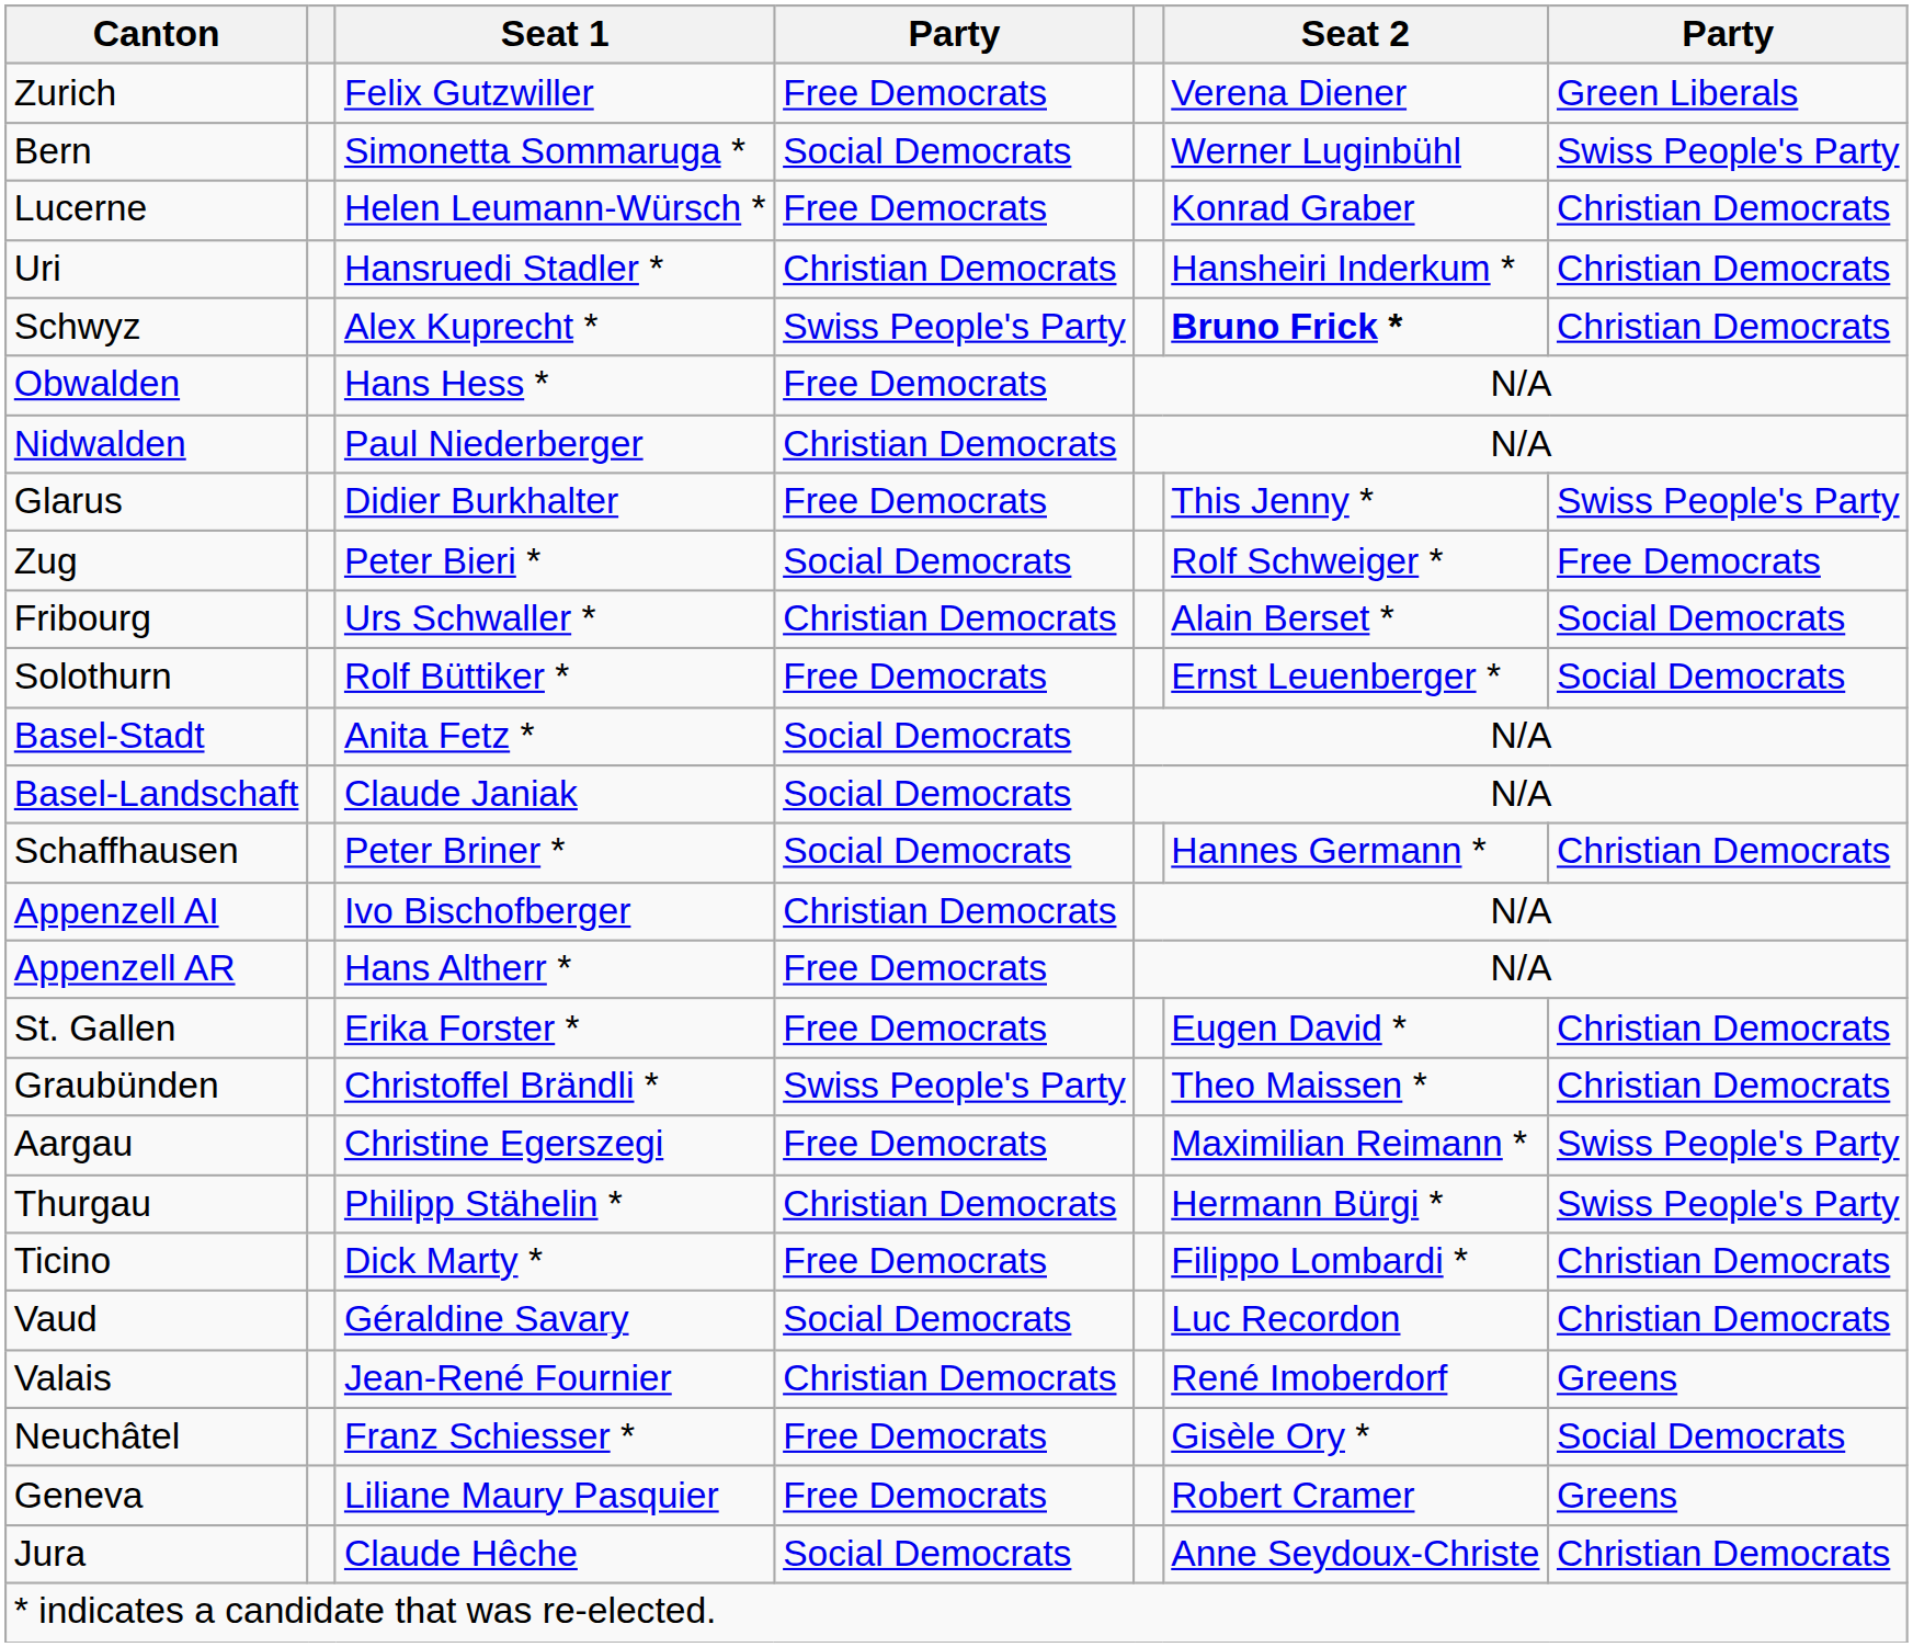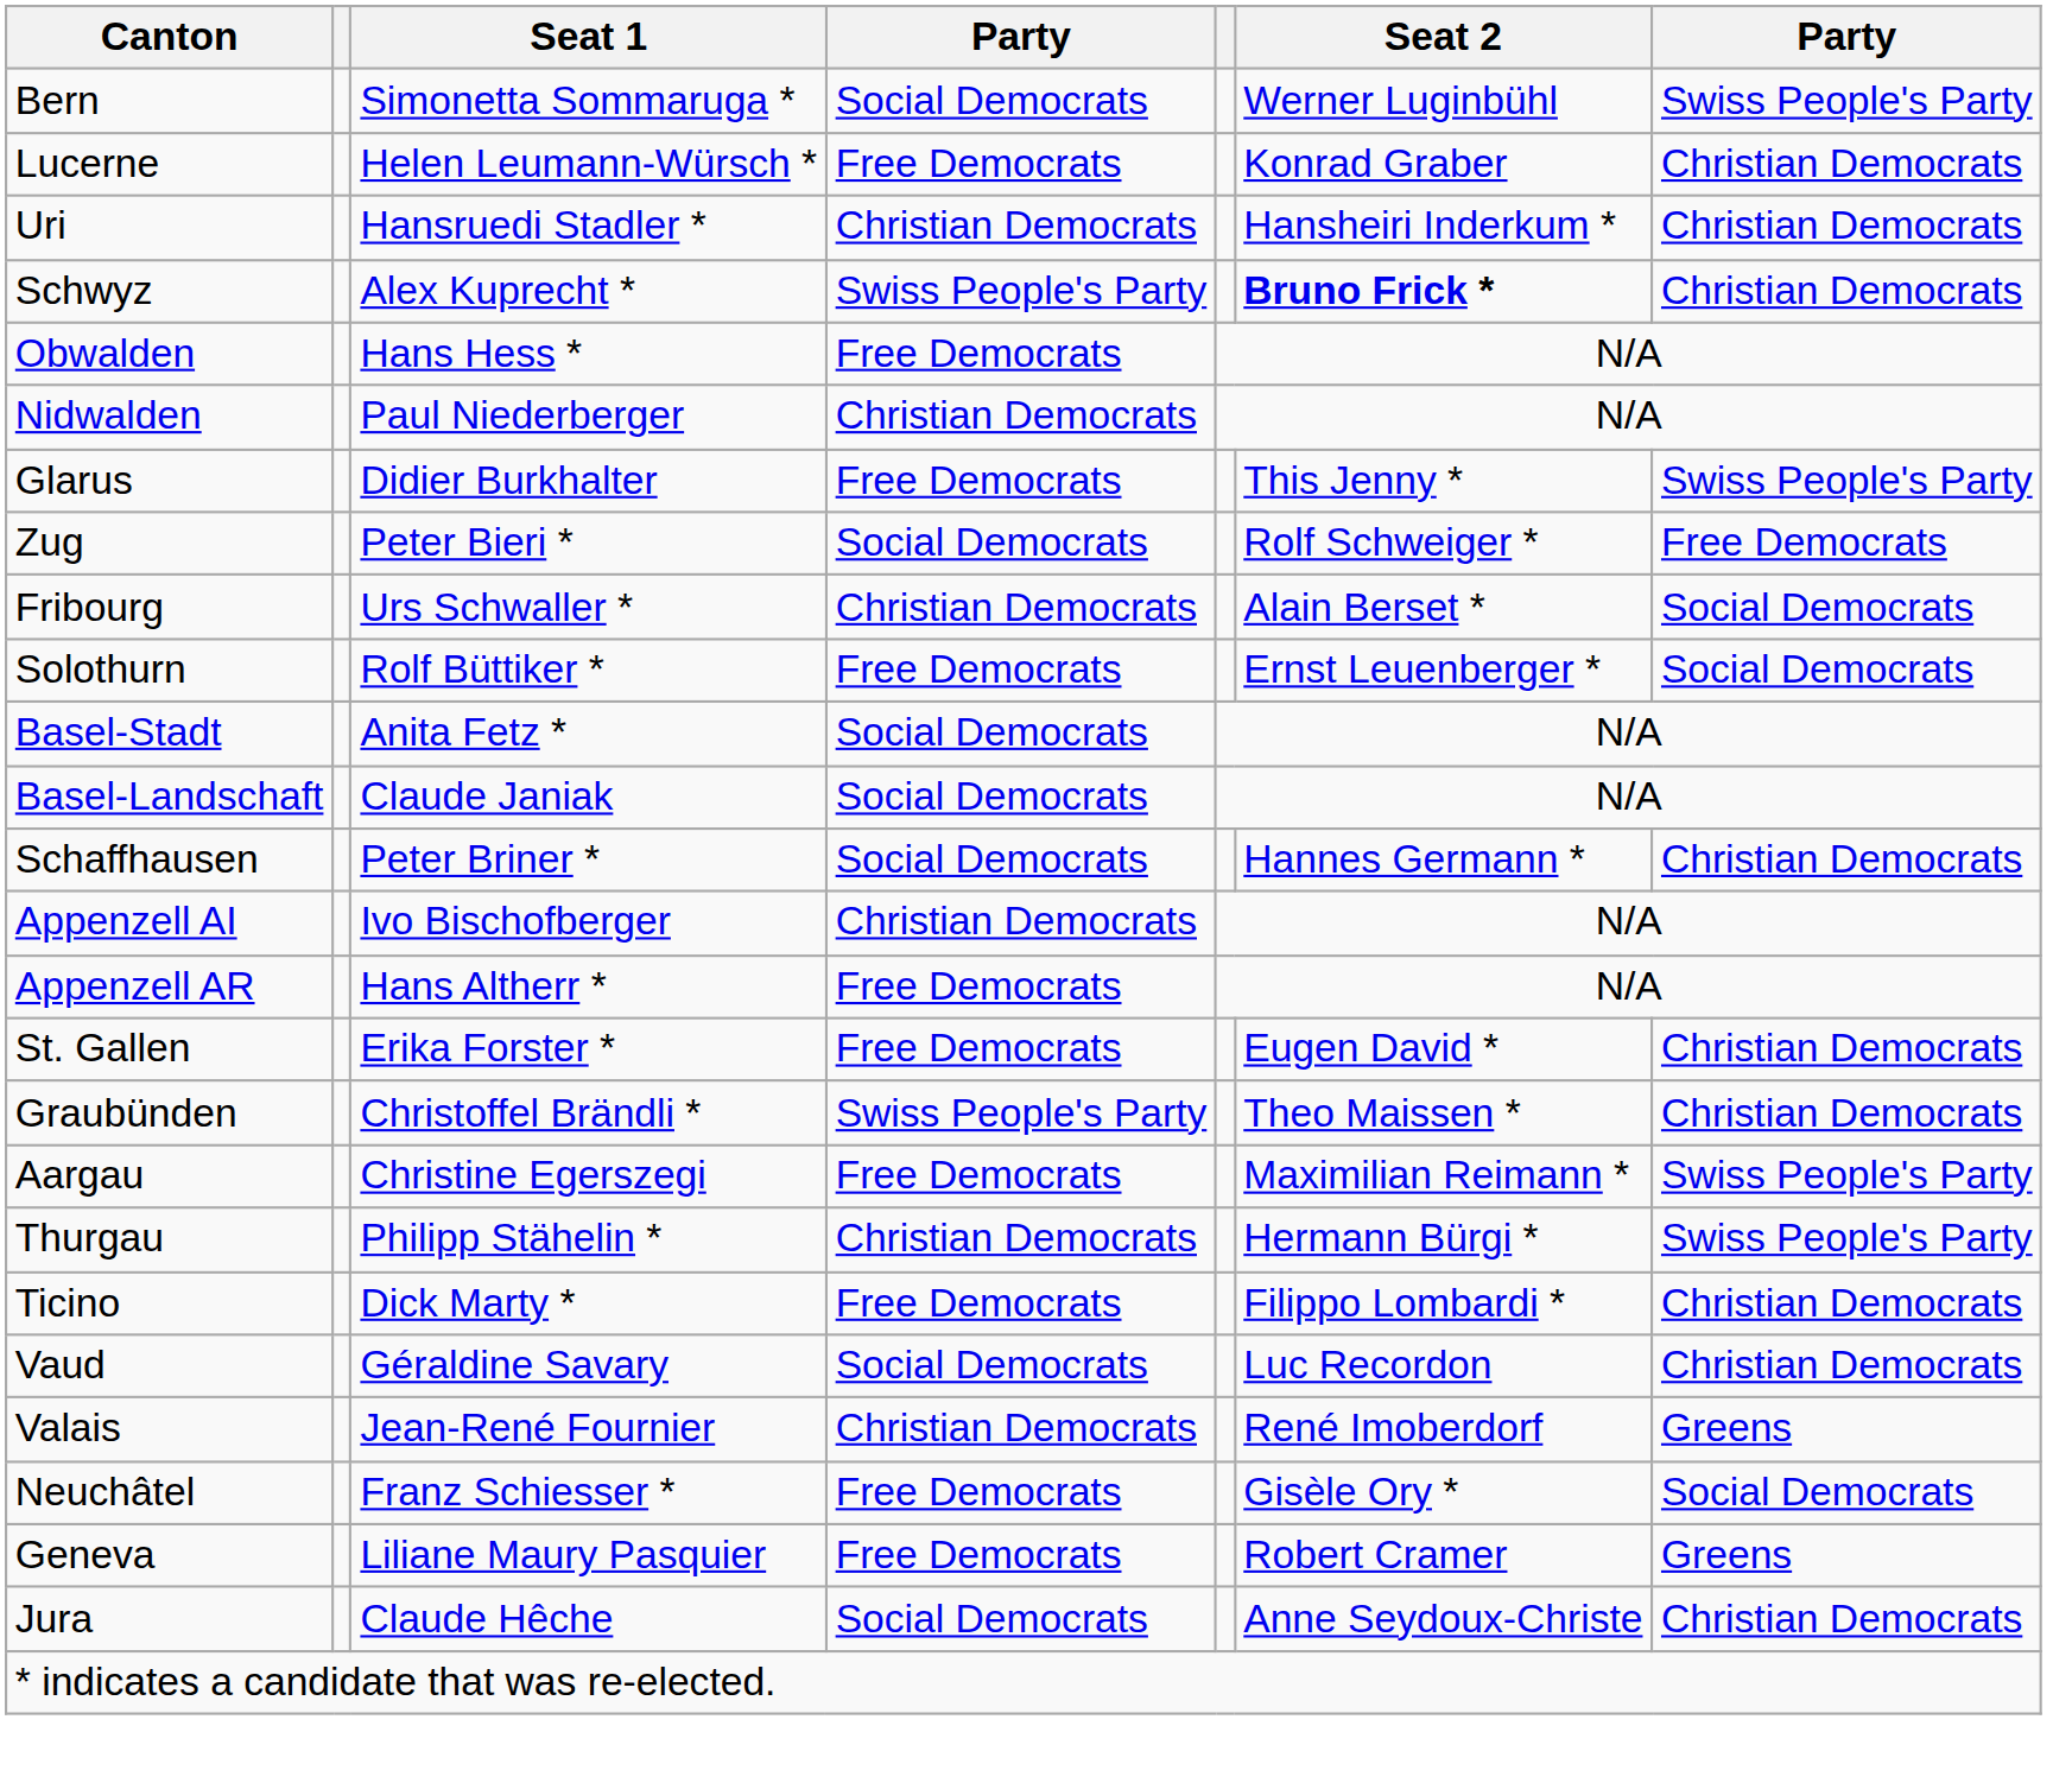 <table class="wikitable sortable">
 <tr>
 <th>Canton</th>
 <th class="unsortable"></th>
 <th>Seat 1</th>
 <th>Party</th>
 <th class="unsortable"></th>
 <th>Seat 2</th>
 <th>Party</th>
-</tr>
-<tr>
-<td>Zurich</td>
-<td width=5px style="color:inherit;background:"></td>
-<td><a href='#'>Felix Gutzwiller</a></td>
-<td><a href='#'>Free Democrats</a></td>
-<td width=5px style="color:inherit;background:"></td>
-<td><a href='#'>Verena Diener</a></td>
-<td><a href='#'>Green Liberals</a></td>
 </tr>
 <tr>
 <td>Bern</td>
 <td style="color:inherit;background:"></td>
 <td><a href='#'>Simonetta Sommaruga</a> *</td>
 <td><a href='#'>Social Democrats</a></td>
 <td style="color:inherit;background:"></td>
 <td><a href='#'>Werner Luginbühl</a></td>
 <td><a href='#'>Swiss People's Party</a></td>
 </tr>
 <tr>
 <td>Lucerne</td>
 <td style="color:inherit;background:"></td>
 <td><a href='#'>Helen Leumann-Würsch</a> *</td>
 <td><a href='#'>Free Democrats</a></td>
 <td style="color:inherit;background:"></td>
 <td><a href='#'>Konrad Graber</a></td>
 <td><a href='#'>Christian Democrats</a></td>
 </tr>
 <tr>
 <td>Uri</td>
 <td style="color:inherit;background:"></td>
 <td><a href='#'>Hansruedi Stadler</a> *</td>
 <td><a href='#'>Christian Democrats</a></td>
 <td style="color:inherit;background:"></td>
 <td><a href='#'>Hansheiri Inderkum</a> *</td>
 <td><a href='#'>Christian Democrats</a></td>
 </tr>
 <tr>
 <td>Schwyz</td>
 <td style="color:inherit;background:"></td>
 <td><a href='#'>Alex Kuprecht</a> *</td>
 <td><a href='#'>Swiss People's Party</a></td>
 <td style="color:inherit;background:"></td>
 <td><strong><a href='#'>Bruno Frick</a> *</strong></td>
 <td><a href='#'>Christian Democrats</a></td>
 </tr>
 <tr>
 <td><a href='#'>Obwalden</a></td>
 <td style="color:inherit;background:"></td>
 <td><a href='#'>Hans Hess</a> *</td>
 <td><a href='#'>Free Democrats</a></td>
 <td colspan=3 align=center>N/A</td>
 </tr>
 <tr>
 <td><a href='#'>Nidwalden</a></td>
 <td style="color:inherit;background:"></td>
 <td><a href='#'>Paul Niederberger</a></td>
 <td><a href='#'>Christian Democrats</a></td>
 <td colspan=3 align=center>N/A</td>
 </tr>
 <tr>
 <td>Glarus</td>
 <td style="color:inherit;background:"></td>
 <td><a href='#'>Didier Burkhalter</a></td>
 <td><a href='#'>Free Democrats</a></td>
 <td style="color:inherit;background:"></td>
 <td><a href='#'>This Jenny</a> *</td>
 <td><a href='#'>Swiss People's Party</a></td>
 </tr>
 <tr>
 <td>Zug</td>
 <td style="color:inherit;background:"></td>
 <td><a href='#'>Peter Bieri</a> *</td>
 <td><a href='#'>Social Democrats</a></td>
 <td style="color:inherit;background:"></td>
 <td><a href='#'>Rolf Schweiger</a> *</td>
 <td><a href='#'>Free Democrats</a></td>
 </tr>
 <tr>
 <td>Fribourg</td>
 <td style="color:inherit;background:"></td>
 <td><a href='#'>Urs Schwaller</a> *</td>
 <td><a href='#'>Christian Democrats</a></td>
 <td style="color:inherit;background:"></td>
 <td><a href='#'>Alain Berset</a> *</td>
 <td><a href='#'>Social Democrats</a></td>
 </tr>
 <tr>
 <td>Solothurn</td>
 <td style="color:inherit;background:"></td>
 <td><a href='#'>Rolf Büttiker</a> *</td>
 <td><a href='#'>Free Democrats</a></td>
 <td style="color:inherit;background:"></td>
 <td><a href='#'>Ernst Leuenberger</a> *</td>
 <td><a href='#'>Social Democrats</a></td>
 </tr>
 <tr>
 <td><a href='#'>Basel-Stadt</a></td>
 <td style="color:inherit;background:"></td>
 <td><a href='#'>Anita Fetz</a> *</td>
 <td><a href='#'>Social Democrats</a></td>
 <td colspan=3 align=center>N/A</td>
 </tr>
 <tr>
 <td><a href='#'>Basel-Landschaft</a></td>
 <td style="color:inherit;background:"></td>
 <td><a href='#'>Claude Janiak</a></td>
 <td><a href='#'>Social Democrats</a></td>
 <td colspan=3 align=center>N/A</td>
 </tr>
 <tr>
 <td>Schaffhausen</td>
 <td style="color:inherit;background:"></td>
 <td><a href='#'>Peter Briner</a> *</td>
 <td><a href='#'>Social Democrats</a></td>
 <td style="color:inherit;background:"></td>
 <td><a href='#'>Hannes Germann</a> *</td>
 <td><a href='#'>Christian Democrats</a></td>
 </tr>
 <tr>
 <td><a href='#'>Appenzell AI</a></td>
 <td style="color:inherit;background:"></td>
 <td><a href='#'>Ivo Bischofberger</a></td>
 <td><a href='#'>Christian Democrats</a></td>
 <td colspan=3 align=center>N/A</td>
 </tr>
 <tr>
 <td><a href='#'>Appenzell AR</a></td>
 <td style="color:inherit;background:"></td>
 <td><a href='#'>Hans Altherr</a> *</td>
 <td><a href='#'>Free Democrats</a></td>
 <td colspan=3 align=center>N/A</td>
 </tr>
 <tr>
 <td>St. Gallen</td>
 <td style="color:inherit;background:"></td>
 <td><a href='#'>Erika Forster</a> *</td>
 <td><a href='#'>Free Democrats</a></td>
 <td style="color:inherit;background:"></td>
 <td><a href='#'>Eugen David</a> *</td>
 <td><a href='#'>Christian Democrats</a></td>
 </tr>
 <tr>
 <td>Graubünden</td>
 <td style="color:inherit;background:"></td>
 <td><a href='#'>Christoffel Brändli</a> *</td>
 <td><a href='#'>Swiss People's Party</a></td>
 <td style="color:inherit;background:"></td>
 <td><a href='#'>Theo Maissen</a> *</td>
 <td><a href='#'>Christian Democrats</a></td>
 </tr>
 <tr>
 <td>Aargau</td>
 <td style="color:inherit;background:"></td>
 <td><a href='#'>Christine Egerszegi</a></td>
 <td><a href='#'>Free Democrats</a></td>
 <td style="color:inherit;background:"></td>
 <td><a href='#'>Maximilian Reimann</a> *</td>
 <td><a href='#'>Swiss People's Party</a></td>
 </tr>
 <tr>
 <td>Thurgau</td>
 <td style="color:inherit;background:"></td>
 <td><a href='#'>Philipp Stähelin</a> *</td>
 <td><a href='#'>Christian Democrats</a></td>
 <td style="color:inherit;background:"></td>
 <td><a href='#'>Hermann Bürgi</a> *</td>
 <td><a href='#'>Swiss People's Party</a></td>
 </tr>
 <tr>
 <td>Ticino</td>
 <td style="color:inherit;background:"></td>
 <td><a href='#'>Dick Marty</a> *</td>
 <td><a href='#'>Free Democrats</a></td>
 <td style="color:inherit;background:"></td>
 <td><a href='#'>Filippo Lombardi</a> *</td>
 <td><a href='#'>Christian Democrats</a></td>
 </tr>
 <tr>
 <td>Vaud</td>
 <td style="color:inherit;background:"></td>
 <td><a href='#'>Géraldine Savary</a></td>
 <td><a href='#'>Social Democrats</a></td>
 <td style="color:inherit;background:"></td>
 <td><a href='#'>Luc Recordon</a></td>
 <td><a href='#'>Christian Democrats</a></td>
 </tr>
 <tr>
 <td>Valais</td>
 <td style="color:inherit;background:"></td>
 <td><a href='#'>Jean-René Fournier</a></td>
 <td><a href='#'>Christian Democrats</a></td>
 <td style="color:inherit;background:"></td>
 <td><a href='#'>René Imoberdorf</a></td>
 <td><a href='#'>Greens</a></td>
 </tr>
 <tr>
 <td>Neuchâtel</td>
 <td style="color:inherit;background:"></td>
 <td><a href='#'>Franz Schiesser</a> *</td>
 <td><a href='#'>Free Democrats</a></td>
 <td style="color:inherit;background:"></td>
 <td><a href='#'>Gisèle Ory</a> *</td>
 <td><a href='#'>Social Democrats</a></td>
 </tr>
 <tr>
 <td>Geneva</td>
 <td style="color:inherit;background:"></td>
 <td><a href='#'>Liliane Maury Pasquier</a></td>
 <td><a href='#'>Free Democrats</a></td>
 <td style="color:inherit;background:"></td>
 <td><a href='#'>Robert Cramer</a></td>
 <td><a href='#'>Greens</a></td>
 </tr>
 <tr>
 <td>Jura</td>
 <td style="color:inherit;background:"></td>
 <td><a href='#'>Claude Hêche</a></td>
 <td><a href='#'>Social Democrats</a></td>
 <td style="color:inherit;background:"></td>
 <td><a href='#'>Anne Seydoux-Christe</a></td>
 <td><a href='#'>Christian Democrats</a></td>
 </tr>
 <tr>
 <td colspan=7>* indicates a candidate that was re-elected.</td>
 </tr>
 </table>
